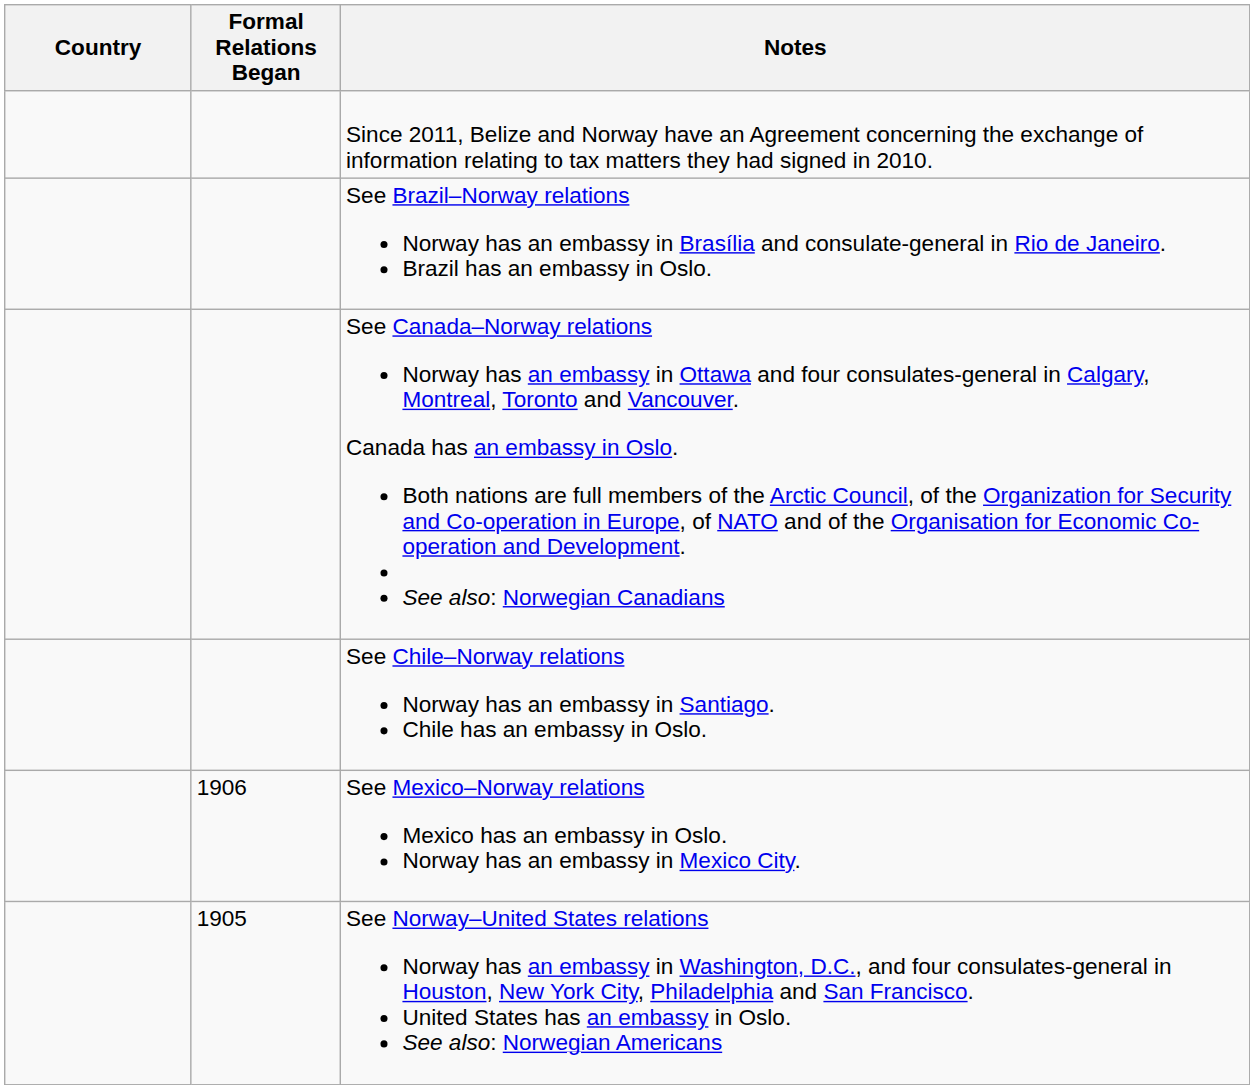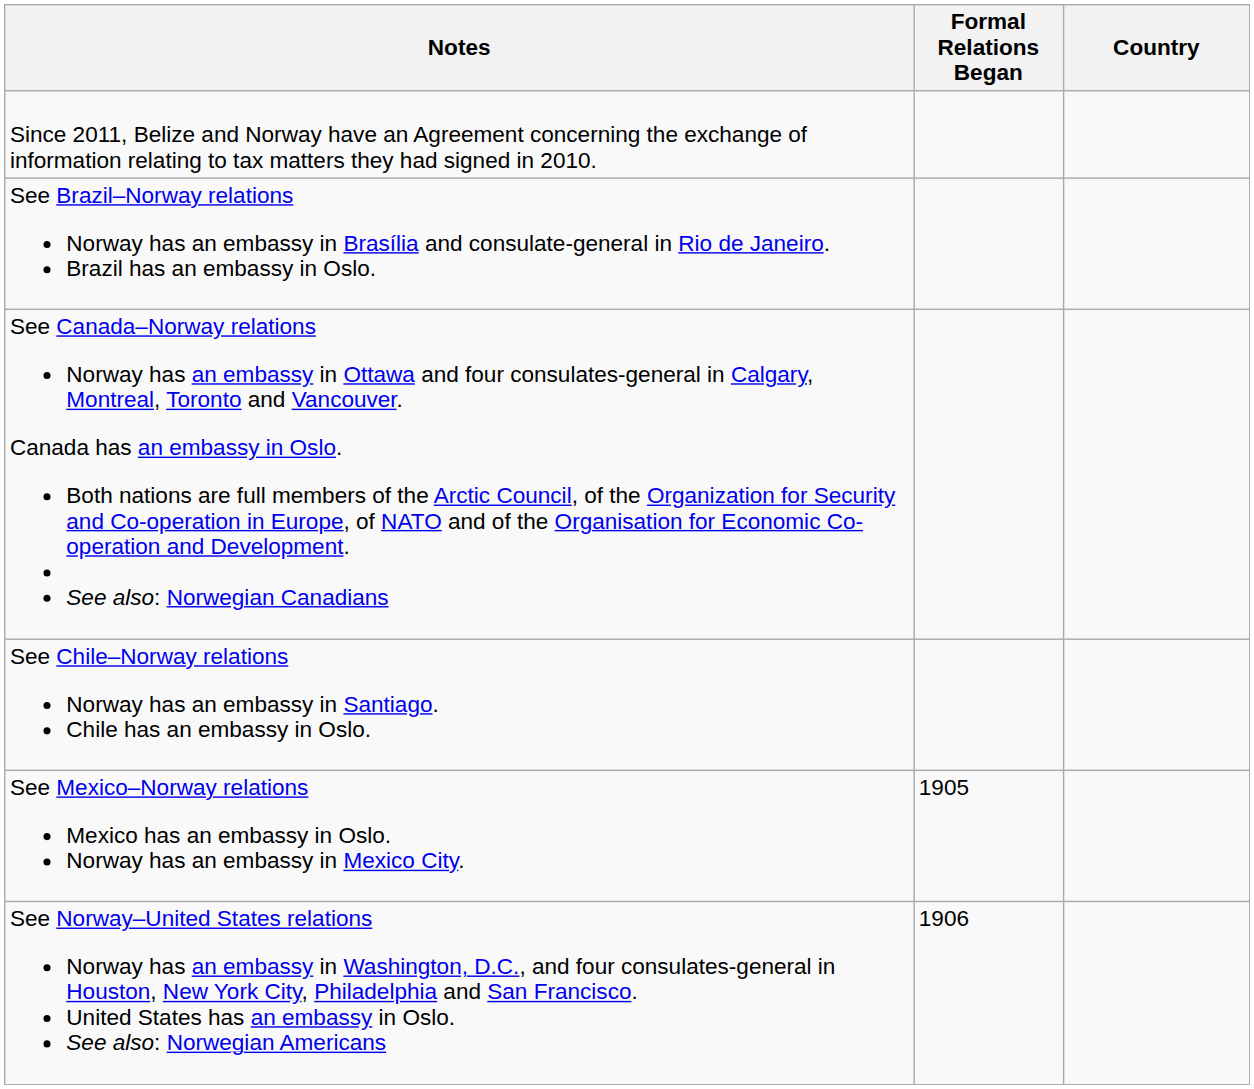 <table class="wikitable sortable" style="width:100%; margin:auto;">
 <tr>
+<th>Notes</th>
+<th style="width:12%;">Formal Relations Began</th>
 <th style="width:15%;">Country</th>
-<th style="width:12%;">Formal Relations Began</th>
-<th>Notes</th>
 </tr>
 <tr valign="top">
+<td><br>Since 2011, Belize and Norway have an Agreement concerning the exchange of information relating to tax matters they had signed in 2010.</td>
 <td></td>
 <td></td>
-<td><br>Since 2011, Belize and Norway have an Agreement concerning the exchange of information relating to tax matters they had signed in 2010.</td>
 </tr>
 <tr valign="top">
+<td>See <a href='#'>Brazil–Norway relations</a><br><ul><li>Norway has an embassy in <a href='#'>Brasília</a> and consulate-general in <a href='#'>Rio de Janeiro</a>.</li><li>Brazil has an embassy in Oslo.</li></ul></td>
 <td></td>
 <td></td>
-<td>See <a href='#'>Brazil–Norway relations</a><br><ul><li>Norway has an embassy in <a href='#'>Brasília</a> and consulate-general in <a href='#'>Rio de Janeiro</a>.</li><li>Brazil has an embassy in Oslo.</li></ul></td>
 </tr>
 <tr valign="top">
+<td>See <a href='#'>Canada–Norway relations</a><br><ul><li>Norway has <a href='#'>an embassy</a> in <a href='#'>Ottawa</a> and four consulates-general in <a href='#'>Calgary</a>, <a href='#'>Montreal</a>, <a href='#'>Toronto</a> and <a href='#'>Vancouver</a>.</li></ul>Canada has <a href='#'>an embassy in Oslo</a>.<ul><li>Both nations are full members of the <a href='#'>Arctic Council</a>, of the <a href='#'>Organization for Security and Co-operation in Europe</a>, of <a href='#'>NATO</a> and of the <a href='#'>Organisation for Economic Co-operation and Development</a>.</li><li></li><li><em>See also</em>: <a href='#'>Norwegian Canadians</a></li></ul></td>
 <td></td>
 <td></td>
-<td>See <a href='#'>Canada–Norway relations</a><br><ul><li>Norway has <a href='#'>an embassy</a> in <a href='#'>Ottawa</a> and four consulates-general in <a href='#'>Calgary</a>, <a href='#'>Montreal</a>, <a href='#'>Toronto</a> and <a href='#'>Vancouver</a>.</li></ul>Canada has <a href='#'>an embassy in Oslo</a>.<ul><li>Both nations are full members of the <a href='#'>Arctic Council</a>, of the <a href='#'>Organization for Security and Co-operation in Europe</a>, of <a href='#'>NATO</a> and of the <a href='#'>Organisation for Economic Co-operation and Development</a>.</li><li></li><li><em>See also</em>: <a href='#'>Norwegian Canadians</a></li></ul></td>
 </tr>
 <tr valign="top">
+<td>See <a href='#'>Chile–Norway relations</a><br><ul><li>Norway has an embassy in <a href='#'>Santiago</a>.</li><li>Chile has an embassy in Oslo.</li></ul></td>
 <td></td>
 <td></td>
-<td>See <a href='#'>Chile–Norway relations</a><br><ul><li>Norway has an embassy in <a href='#'>Santiago</a>.</li><li>Chile has an embassy in Oslo.</li></ul></td>
 </tr>
 <tr valign="top">
+<td>See <a href='#'>Mexico–Norway relations</a><br><ul><li>Mexico has an embassy in Oslo.</li><li>Norway has an embassy in <a href='#'>Mexico City</a>.</li></ul></td>
+<td>1905</td>
 <td></td>
-<td>1906</td>
-<td>See <a href='#'>Mexico–Norway relations</a><br><ul><li>Mexico has an embassy in Oslo.</li><li>Norway has an embassy in <a href='#'>Mexico City</a>.</li></ul></td>
 </tr>
 <tr valign="top">
+<td>See <a href='#'>Norway–United States relations</a><br><ul><li>Norway has <a href='#'>an embassy</a> in <a href='#'>Washington, D.C.</a>, and four consulates-general in <a href='#'>Houston</a>, <a href='#'>New York City</a>, <a href='#'>Philadelphia</a> and <a href='#'>San Francisco</a>.</li><li>United States has <a href='#'>an embassy</a> in Oslo.</li><li><em>See also</em>: <a href='#'>Norwegian Americans</a></li></ul></td>
+<td>1906</td>
 <td></td>
-<td>1905</td>
-<td>See <a href='#'>Norway–United States relations</a><br><ul><li>Norway has <a href='#'>an embassy</a> in <a href='#'>Washington, D.C.</a>, and four consulates-general in <a href='#'>Houston</a>, <a href='#'>New York City</a>, <a href='#'>Philadelphia</a> and <a href='#'>San Francisco</a>.</li><li>United States has <a href='#'>an embassy</a> in Oslo.</li><li><em>See also</em>: <a href='#'>Norwegian Americans</a></li></ul></td>
 </tr>
 </table>
